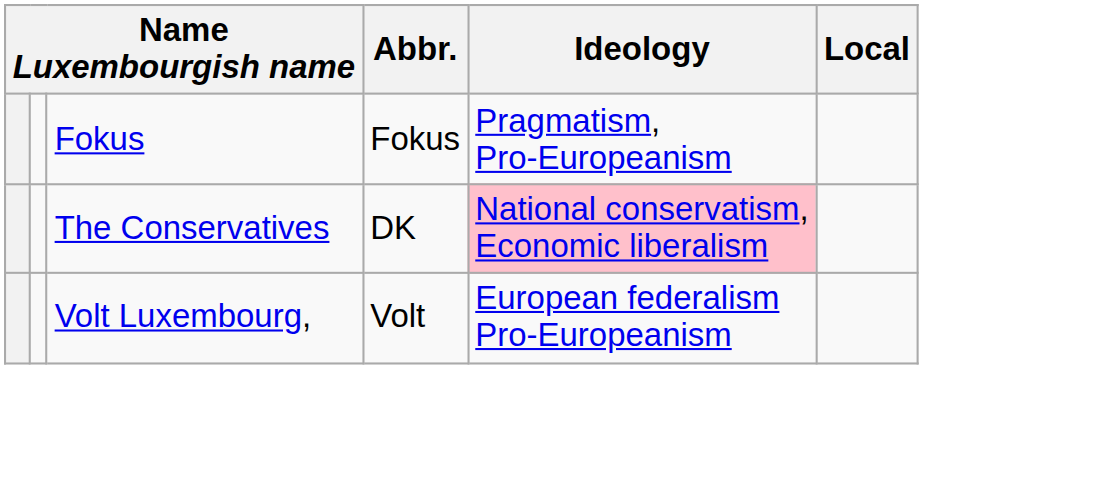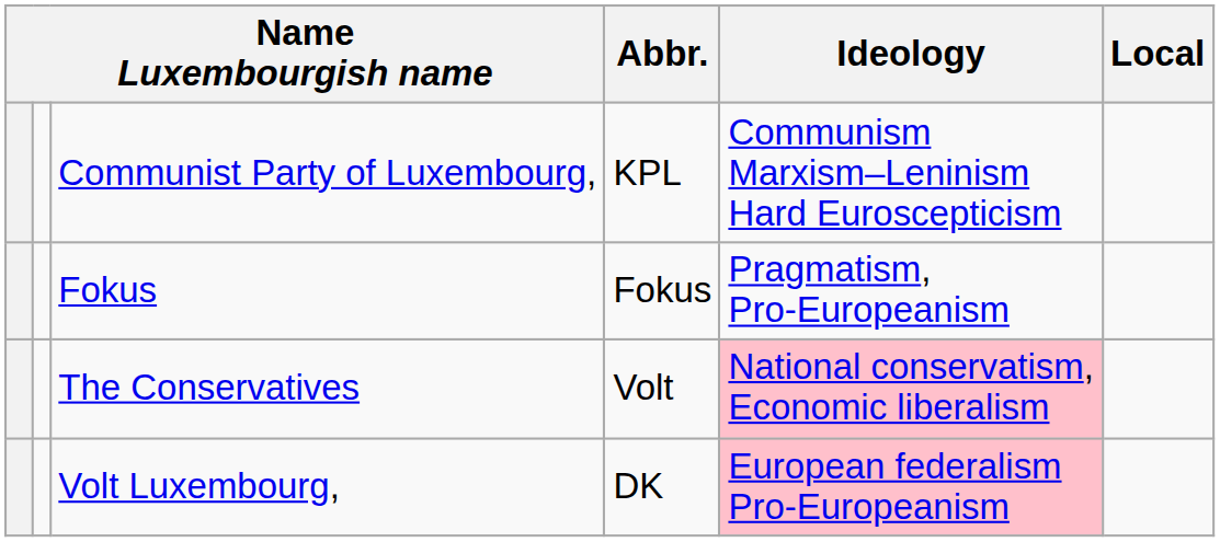 <table class="wikitable sortable">
 <tr>
 <th colspan=3>Name<br><em>Luxembourgish name</em></th>
 <th>Abbr.</th>
 <th>Ideology</th>
 <th>Local</th>
+</tr>
+<tr>
+<th width=5px style="background-color: "></th>
+<td></td>
+<td><a href='#'>Communist Party of Luxembourg</a>,<br></td>
+<td>KPL</td>
+<td><a href='#'>Communism</a><br><a href='#'>Marxism–Leninism</a><br><a href='#'>Hard Euroscepticism</a></td>
+<td></td>
 </tr>
 <tr>
 <th style="background-color: "></th>
 <td></td>
 <td><a href='#'>Fokus</a><br></td>
 <td>Fokus</td>
 <td><a href='#'>Pragmatism</a>,  <br><a href='#'>Pro-Europeanism</a></td>
 <td></td>
 </tr>
 <tr>
 <th style="background-color: "></th>
 <td></td>
 <td><a href='#'>The Conservatives</a><br></td>
-<td>DK</td>
+<td>Volt</td>
 <td style="background: pink;"><a href='#'>National conservatism</a>,  <br><a href='#'>Economic liberalism</a></td>
 <td></td>
 </tr>
 <tr>
 <th width=5px style="background-color: "></th>
 <td></td>
 <td><a href='#'>Volt Luxembourg</a>,<br></td>
-<td>Volt</td>
-<td><a href='#'>European federalism</a><br><a href='#'>Pro-Europeanism</a></td>
+<td>DK</td>
+<td style="background: pink;"><a href='#'>European federalism</a><br><a href='#'>Pro-Europeanism</a></td>
 <td></td>
 </tr>
 </table>
